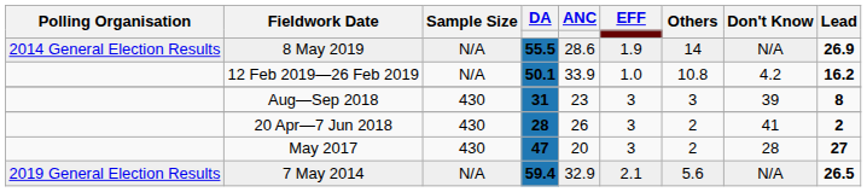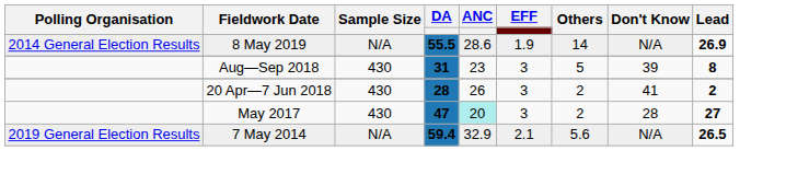 <table class="wikitable" style="text-align:center; font-size:90%; line-height:16px;">
 <tr>
 <th rowspan="2">Polling Organisation</th>
 <th rowspan="2">Fieldwork Date</th>
 <th rowspan="2">Sample Size</th>
 <th><a href='#'>DA</a></th>
 <th><a href='#'>ANC</a></th>
 <th><a href='#'>EFF</a></th>
 <th rowspan="2" style="width:50px;">Others</th>
 <th rowspan="2">Don't Know</th>
 <th rowspan="2">Lead</th>
 </tr>
 <tr>
 <th style="background:"></th>
 <th style="background:"></th>
 <th style="background:#600; width:50px;"></th>
 </tr>
 <tr>
 <td style="background:#EFEFEF;"><a href='#'>2014 General Election Results</a></td>
 <td style="background:#EFEFEF;">8 May 2019</td>
 <td style="background:#EFEFEF;">N/A</td>
 <td style="background:#1f78b4;"><strong>55.5</strong></td>
 <td style="background:#EFEFEF;">28.6</td>
 <td style="background:#EFEFEF;">1.9</td>
 <td style="background:#EFEFEF;">14</td>
 <td style="background:#EFEFEF; color:">N/A</td>
 <td style="background:"><strong>26.9</strong></td>
 </tr>
 <tr>
-<td></td>
-<td>12 Feb 2019—26 Feb 2019</td>
-<td>N/A</td>
-<td style="background:#1f78b4;"><strong>50.1</strong></td>
-<td>33.9</td>
-<td>1.0</td>
-<td>10.8</td>
-<td>4.2</td>
-<td style="background:"><strong>16.2</strong></td>
-</tr>
-<tr>
 </tr>
 <tr>
 </tr>
 <tr>
 <td></td>
 <td>Aug—Sep 2018</td>
 <td>430</td>
 <td style="background:#1f78b4;"><strong>31</strong></td>
 <td>23</td>
 <td>3</td>
-<td>3</td>
+<td>5</td>
 <td>39</td>
 <td style="background:"><strong>8</strong></td>
 </tr>
 <tr>
 </tr>
 <tr>
 <td> </td>
 <td>20 Apr—7 Jun 2018</td>
 <td>430</td>
 <td style="background:#1f78b4;"><strong>28</strong></td>
 <td>26</td>
 <td>3</td>
 <td>2</td>
 <td>41</td>
 <td style="background:"><strong>2</strong></td>
 </tr>
 <tr>
 <td> </td>
 <td>May 2017</td>
 <td>430</td>
 <td style="background:#1f78b4;"><strong>47</strong></td>
-<td>20</td>
+<td style="background: paleturquoise;">20</td>
 <td>3</td>
 <td>2</td>
 <td>28</td>
 <td style="background:"><strong>27</strong></td>
 </tr>
 <tr>
 <td style="background:#EFEFEF;"><a href='#'>2019 General Election Results</a></td>
 <td style="background:#EFEFEF;">7 May 2014</td>
 <td style="background:#EFEFEF;">N/A</td>
 <td style="background:#1f78b4;"><strong>59.4</strong></td>
 <td style="background:#EFEFEF;">32.9</td>
 <td style="background:#EFEFEF;">2.1</td>
 <td style="background:#EFEFEF;">5.6</td>
 <td style="background:#EFEFEF; color:">N/A</td>
 <td style="background:"><strong>26.5</strong></td>
 </tr>
 </table>
